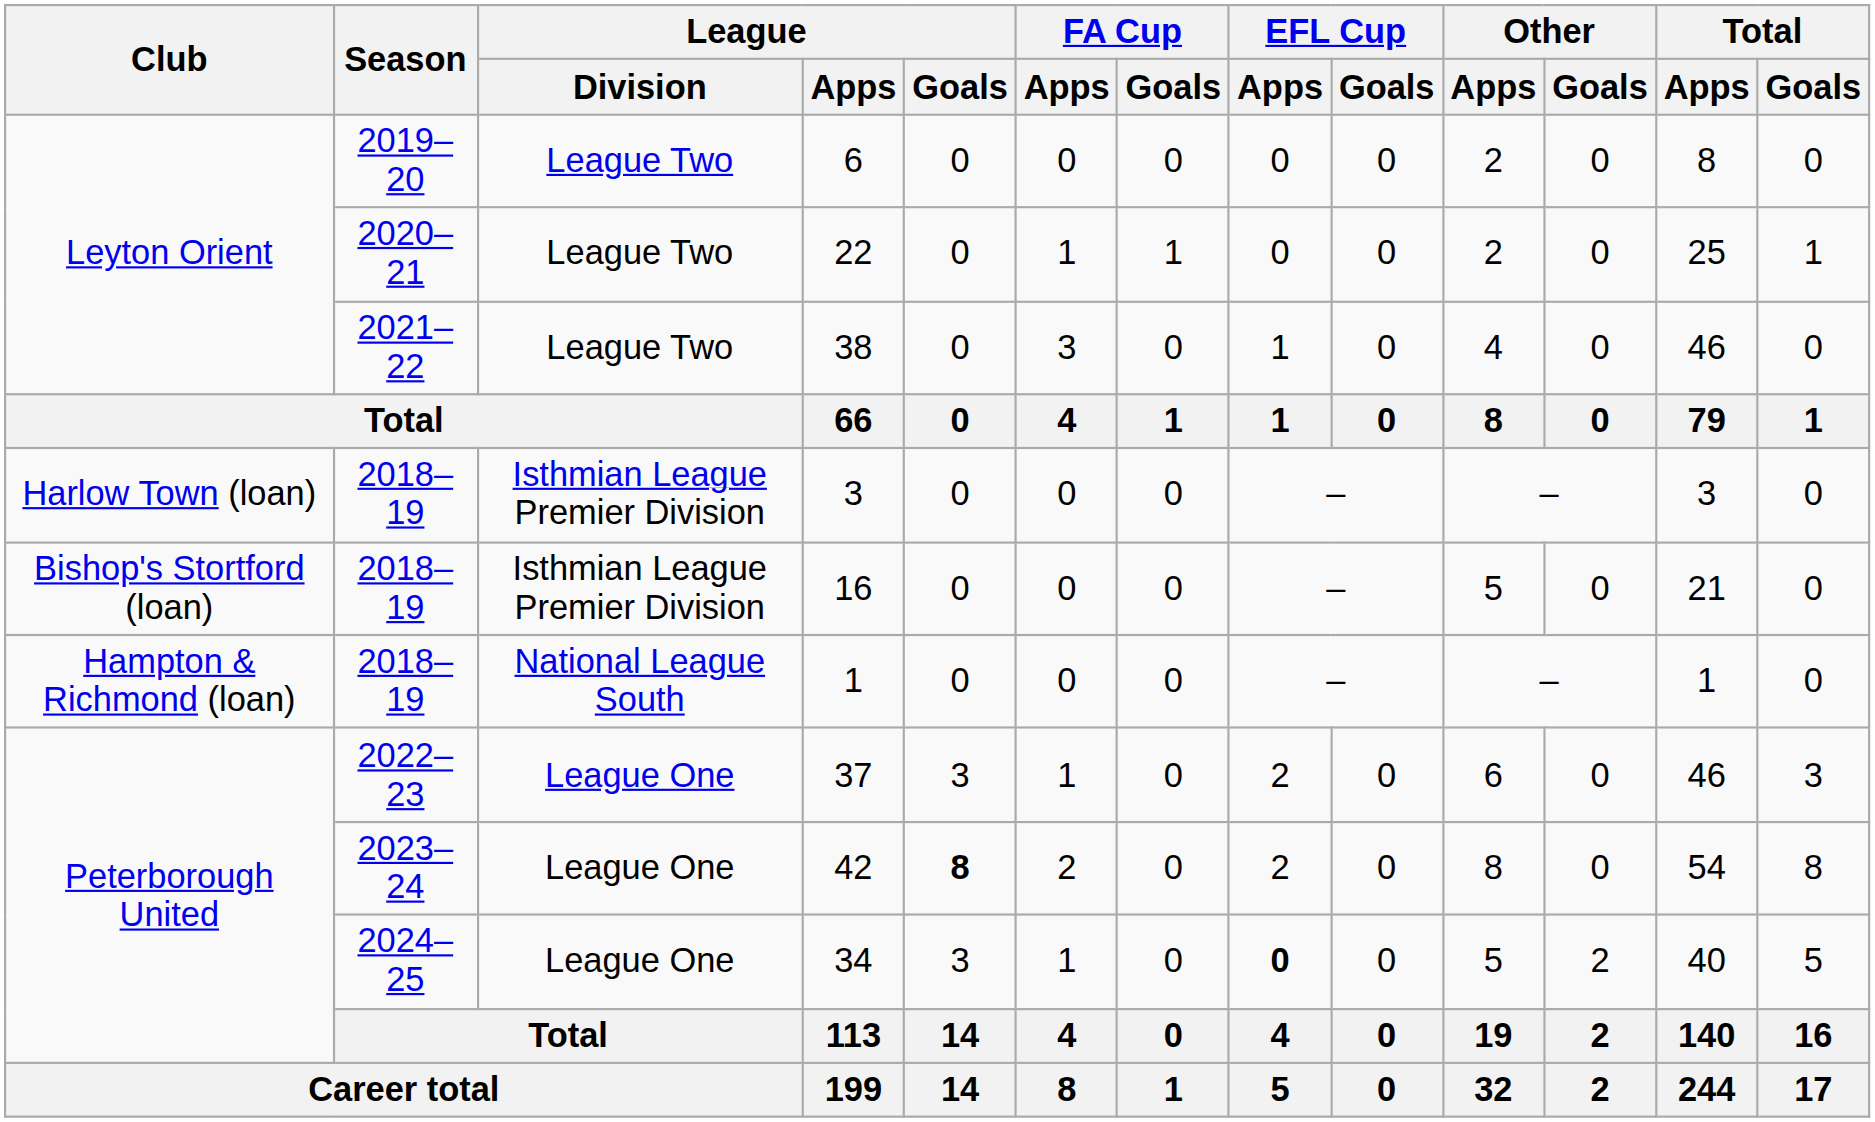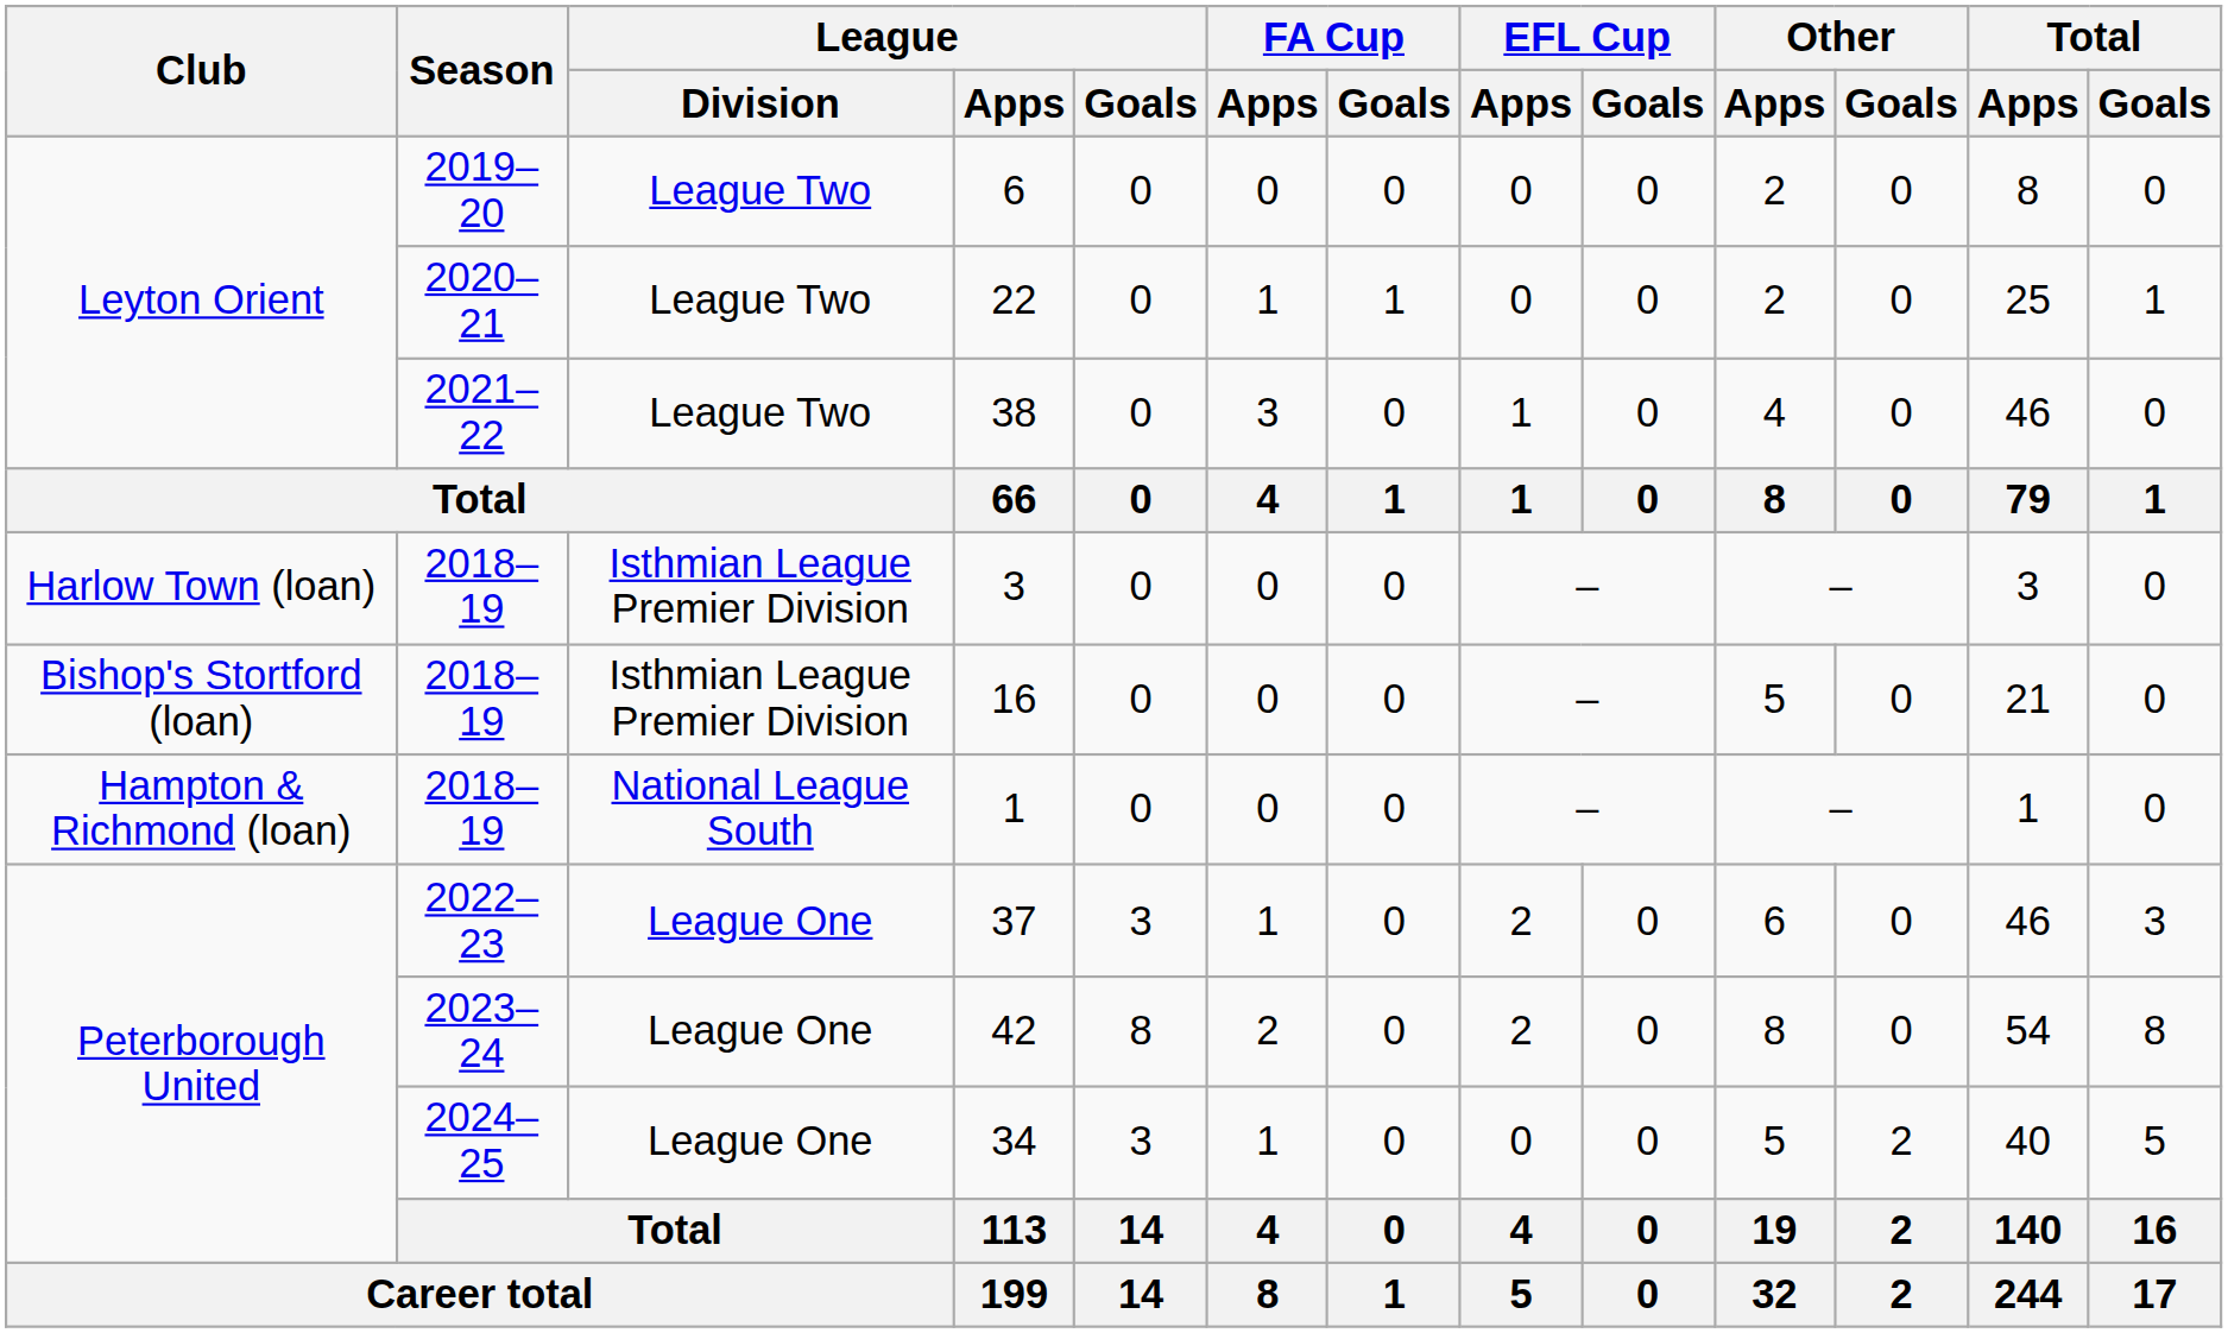 <table class="wikitable" style="text-align:center">
 <tr>
 <th rowspan=2>Club</th>
 <th rowspan=2>Season</th>
 <th colspan=3>League</th>
 <th colspan=2><a href='#'>FA Cup</a></th>
 <th colspan=2><a href='#'>EFL Cup</a></th>
 <th colspan=2>Other</th>
 <th colspan=2>Total</th>
 </tr>
 <tr>
 <th>Division</th>
 <th>Apps</th>
 <th>Goals</th>
 <th>Apps</th>
 <th>Goals</th>
 <th>Apps</th>
 <th>Goals</th>
 <th>Apps</th>
 <th>Goals</th>
 <th>Apps</th>
 <th>Goals</th>
 </tr>
 <tr>
 <td rowspan="3"><a href='#'>Leyton Orient</a></td>
 <td><a href='#'>2019–20</a></td>
 <td><a href='#'>League Two</a></td>
 <td>6</td>
 <td>0</td>
 <td>0</td>
 <td>0</td>
 <td>0</td>
 <td>0</td>
 <td>2</td>
 <td>0</td>
 <td>8</td>
 <td>0</td>
 </tr>
 <tr>
 <td><a href='#'>2020–21</a></td>
 <td>League Two</td>
 <td>22</td>
 <td>0</td>
 <td>1</td>
 <td>1</td>
 <td>0</td>
 <td>0</td>
 <td>2</td>
 <td>0</td>
 <td>25</td>
 <td>1</td>
 </tr>
 <tr>
 <td><a href='#'>2021–22</a></td>
 <td>League Two</td>
 <td>38</td>
 <td>0</td>
 <td>3</td>
 <td>0</td>
 <td>1</td>
 <td>0</td>
 <td>4</td>
 <td>0</td>
 <td>46</td>
 <td>0</td>
 </tr>
 <tr>
 <th colspan="3">Total</th>
 <th>66</th>
 <th>0</th>
 <th>4</th>
 <th>1</th>
 <th>1</th>
 <th>0</th>
 <th>8</th>
 <th>0</th>
 <th>79</th>
 <th>1</th>
 </tr>
 <tr>
 <td><a href='#'>Harlow Town</a> (loan)</td>
 <td><a href='#'>2018–19</a></td>
 <td><a href='#'>Isthmian League</a> Premier Division</td>
 <td>3</td>
 <td>0</td>
 <td>0</td>
 <td>0</td>
 <td colspan="2">–</td>
 <td colspan="2">–</td>
 <td>3</td>
 <td>0</td>
 </tr>
 <tr>
 <td><a href='#'>Bishop's Stortford</a> (loan)</td>
 <td><a href='#'>2018–19</a></td>
 <td>Isthmian League Premier Division</td>
 <td>16</td>
 <td>0</td>
 <td>0</td>
 <td>0</td>
 <td colspan="2">–</td>
 <td>5</td>
 <td>0</td>
 <td>21</td>
 <td>0</td>
 </tr>
 <tr>
 <td><a href='#'>Hampton & Richmond</a> (loan)</td>
 <td><a href='#'>2018–19</a></td>
 <td><a href='#'>National League South</a></td>
 <td>1</td>
 <td>0</td>
 <td>0</td>
 <td>0</td>
 <td colspan="2">–</td>
 <td colspan="2">–</td>
 <td>1</td>
 <td>0</td>
 </tr>
 <tr>
 <td rowspan="4"><a href='#'>Peterborough United</a></td>
 <td><a href='#'>2022–23</a></td>
 <td><a href='#'>League One</a></td>
 <td>37</td>
 <td>3</td>
 <td>1</td>
 <td>0</td>
 <td>2</td>
 <td>0</td>
 <td>6</td>
 <td>0</td>
 <td>46</td>
 <td>3</td>
 </tr>
 <tr>
 <td><a href='#'>2023–24</a></td>
 <td>League One</td>
 <td>42</td>
-<td><strong>8</strong></td>
+<td>8</td>
 <td>2</td>
 <td>0</td>
 <td>2</td>
 <td>0</td>
 <td>8</td>
 <td>0</td>
 <td>54</td>
 <td>8</td>
 </tr>
 <tr>
 <td><a href='#'>2024–25</a></td>
 <td>League One</td>
 <td>34</td>
 <td>3</td>
 <td>1</td>
 <td>0</td>
-<td><strong>0</strong></td>
+<td>0</td>
 <td>0</td>
 <td>5</td>
 <td>2</td>
 <td>40</td>
 <td>5</td>
 </tr>
 <tr>
 <th colspan=2>Total</th>
 <th>113</th>
 <th>14</th>
 <th>4</th>
 <th>0</th>
 <th>4</th>
 <th>0</th>
 <th>19</th>
 <th>2</th>
 <th>140</th>
 <th>16</th>
 </tr>
 <tr>
 <th colspan=3>Career total</th>
 <th>199</th>
 <th>14</th>
 <th>8</th>
 <th>1</th>
 <th>5</th>
 <th>0</th>
 <th>32</th>
 <th>2</th>
 <th>244</th>
 <th>17</th>
 </tr>
 </table>
